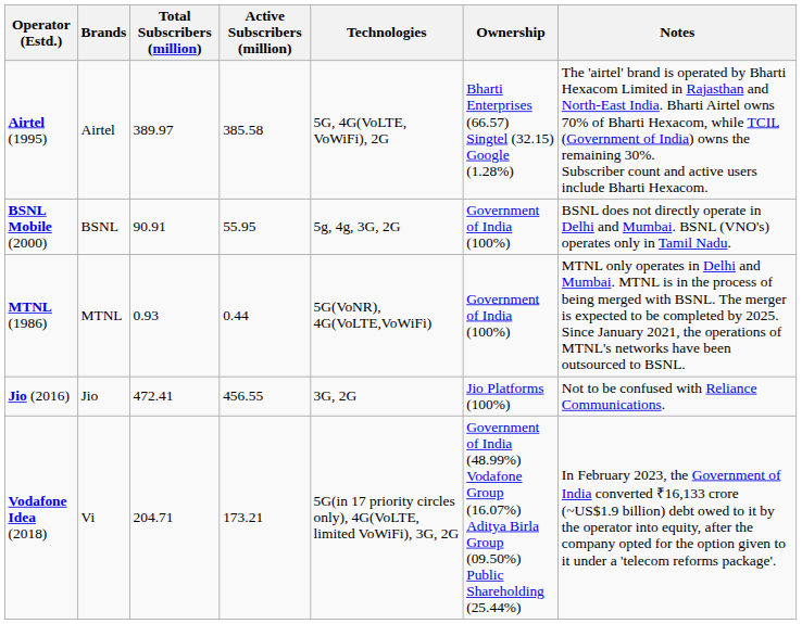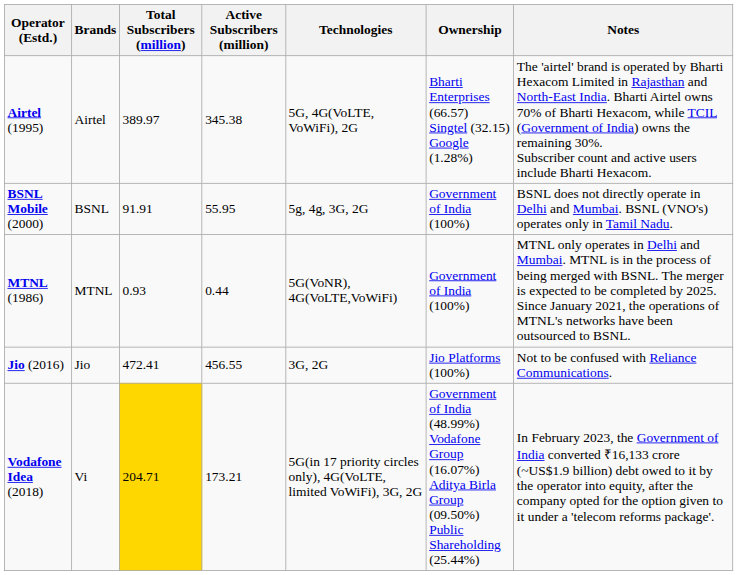 <table class="wikitable sortable">
 <tr>
 <th>Operator<br>(Estd.)</th>
 <th>Brands</th>
 <th>Total Subscribers (<a href='#'>million</a>)</th>
 <th>Active Subscribers (million)</th>
 <th>Technologies</th>
 <th>Ownership</th>
 <th>Notes</th>
 </tr>
 <tr>
 <td><strong><a href='#'>Airtel</a></strong> (1995)</td>
 <td>Airtel</td>
 <td>389.97</td>
-<td>385.58</td>
+<td>345.38</td>
 <td>5G, 4G(VoLTE, VoWiFi), 2G</td>
 <td><a href='#'>Bharti Enterprises</a> (66.57)<br><a href='#'>Singtel</a> (32.15) <a href='#'>Google</a> (1.28%)</td>
 <td>The 'airtel' brand is operated by Bharti Hexacom Limited in <a href='#'>Rajasthan</a> and <a href='#'>North-East India</a>. Bharti Airtel owns 70% of Bharti Hexacom, while <a href='#'>TCIL</a> (<a href='#'>Government of India</a>) owns the remaining 30%.<br>Subscriber count and active users include Bharti Hexacom.</td>
 </tr>
 <tr>
 <td><strong><a href='#'>BSNL Mobile</a></strong> (2000)</td>
 <td>BSNL</td>
-<td>90.91</td>
+<td>91.91</td>
 <td>55.95</td>
 <td>5g, 4g, 3G, 2G</td>
 <td><a href='#'>Government of India</a> (100%)</td>
 <td>BSNL does not directly operate in <a href='#'>Delhi</a> and <a href='#'>Mumbai</a>. BSNL (VNO's) operates only in <a href='#'>Tamil Nadu</a>.</td>
 </tr>
 <tr>
 <td><strong><a href='#'>MTNL</a></strong> (1986)</td>
 <td>MTNL</td>
 <td>0.93</td>
 <td>0.44</td>
 <td>5G(VoNR), 4G(VoLTE,VoWiFi)</td>
 <td><a href='#'>Government of India</a> (100%)</td>
 <td>MTNL only operates in <a href='#'>Delhi</a> and <a href='#'>Mumbai</a>. MTNL is in the process of being merged with BSNL. The merger is expected to be completed by 2025. Since January 2021, the operations of MTNL's networks have been outsourced to BSNL.</td>
 </tr>
 <tr>
 <td><strong><a href='#'>Jio</a></strong>  (2016)</td>
 <td>Jio</td>
 <td>472.41</td>
 <td>456.55</td>
 <td>3G, 2G</td>
 <td><a href='#'>Jio Platforms</a> (100%)</td>
 <td>Not to be confused with <a href='#'>Reliance Communications</a>.</td>
 </tr>
 <tr>
 <td><strong><a href='#'>Vodafone Idea</a></strong> (2018)</td>
 <td>Vi</td>
-<td>204.71</td>
+<td style="background: gold;">204.71</td>
 <td>173.21</td>
 <td>5G(in 17 priority circles only), 4G(VoLTE, limited VoWiFi), 3G, 2G</td>
 <td><a href='#'>Government of India</a> (48.99%)<br><a href='#'>Vodafone Group</a> (16.07%)<br><a href='#'>Aditya Birla Group</a> (09.50%)<br><a href='#'>Public Shareholding</a> (25.44%)</td>
 <td>In February 2023, the <a href='#'>Government of India</a> converted ₹16,133 crore (~US$1.9 billion) debt owed to it by the operator into equity, after the company opted for the option given to it under a 'telecom reforms package'.</td>
 </tr>
 </table>
